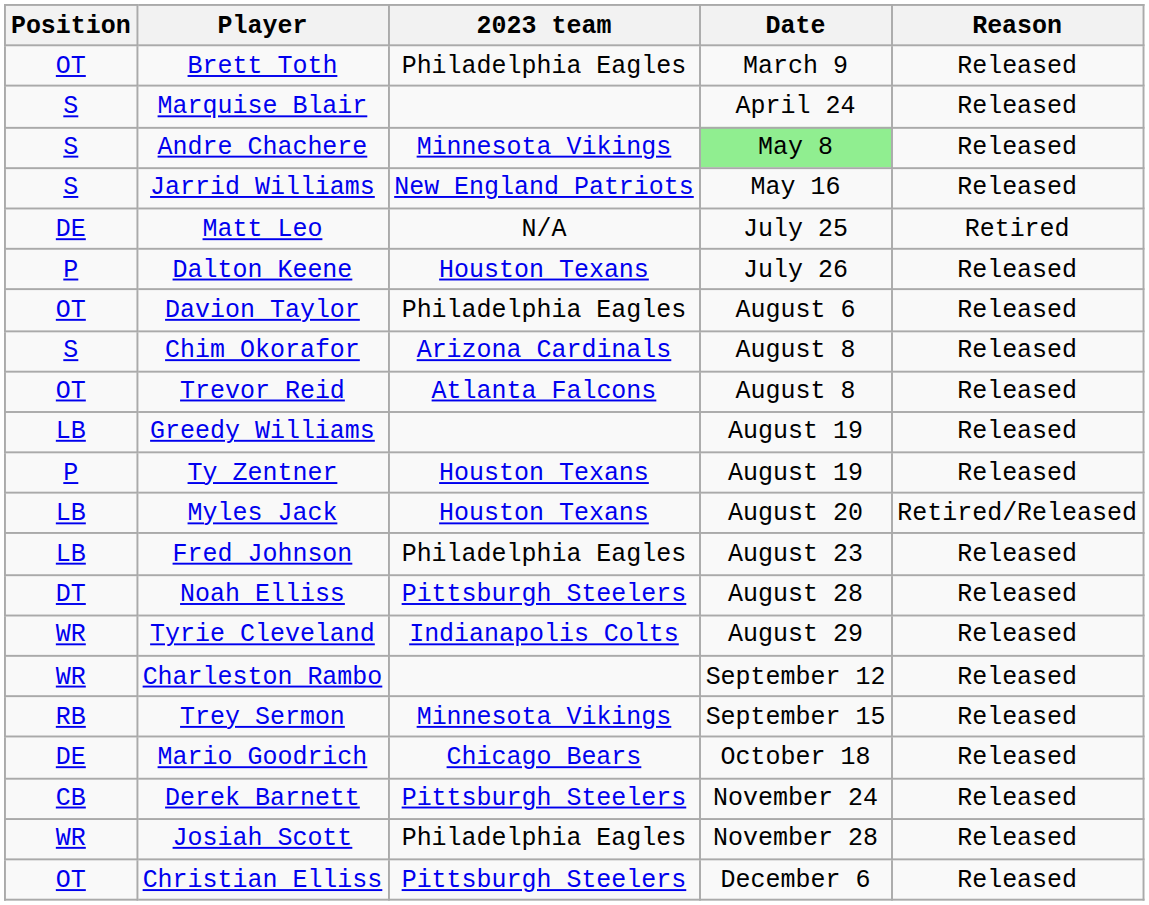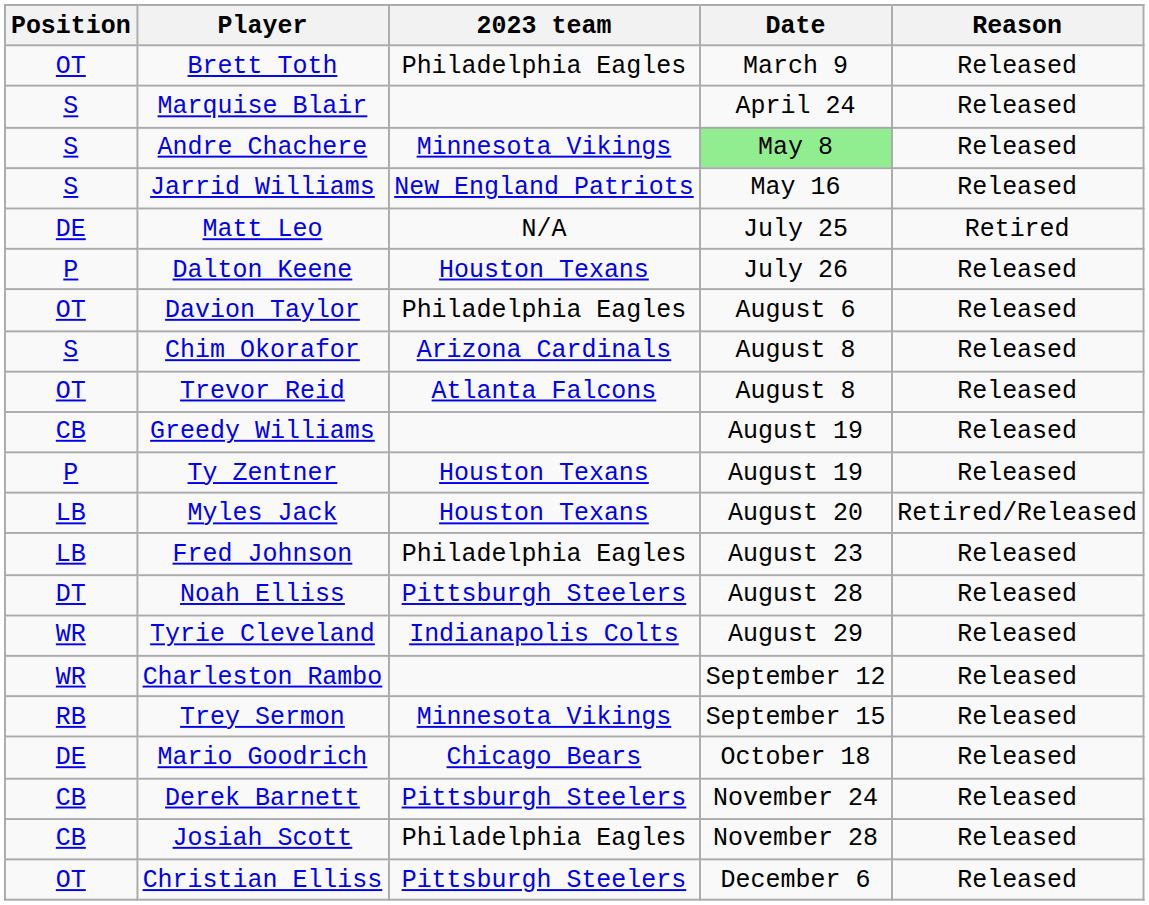 <table class="wikitable" style="text-align:center">
 <tr>
 <th>Position</th>
 <th>Player</th>
 <th>2023 team</th>
 <th>Date</th>
 <th>Reason</th>
 </tr>
 <tr>
 <td><a href='#'>OT</a></td>
 <td><a href='#'>Brett Toth</a></td>
 <td>Philadelphia Eagles</td>
 <td>March 9</td>
 <td>Released</td>
 </tr>
 <tr>
 <td><a href='#'>S</a></td>
 <td><a href='#'>Marquise Blair</a></td>
 <td></td>
 <td>April 24</td>
 <td>Released</td>
 </tr>
 <tr>
 <td><a href='#'>S</a></td>
 <td><a href='#'>Andre Chachere</a></td>
 <td><a href='#'>Minnesota Vikings</a></td>
 <td style="background: lightgreen;">May 8</td>
 <td>Released</td>
 </tr>
 <tr>
 <td><a href='#'>S</a></td>
 <td><a href='#'>Jarrid Williams</a></td>
 <td><a href='#'>New England Patriots</a></td>
 <td>May 16</td>
 <td>Released</td>
 </tr>
 <tr>
 <td><a href='#'>DE</a></td>
 <td><a href='#'>Matt Leo</a></td>
 <td>N/A</td>
 <td>July 25</td>
 <td>Retired</td>
 </tr>
 <tr>
 <td><a href='#'>P</a></td>
 <td><a href='#'>Dalton Keene</a></td>
 <td><a href='#'>Houston Texans</a></td>
 <td>July 26</td>
 <td>Released</td>
 </tr>
 <tr>
 <td><a href='#'>OT</a></td>
 <td><a href='#'>Davion Taylor</a></td>
 <td>Philadelphia Eagles</td>
 <td>August 6</td>
 <td>Released</td>
 </tr>
 <tr>
 <td><a href='#'>S</a></td>
 <td><a href='#'>Chim Okorafor</a></td>
 <td><a href='#'>Arizona Cardinals</a></td>
 <td>August 8</td>
 <td>Released</td>
 </tr>
 <tr>
 <td><a href='#'>OT</a></td>
 <td><a href='#'>Trevor Reid</a></td>
 <td><a href='#'>Atlanta Falcons</a></td>
 <td>August 8</td>
 <td>Released</td>
 </tr>
 <tr>
-<td><a href='#'>LB</a></td>
+<td><a href='#'>CB</a></td>
 <td><a href='#'>Greedy Williams</a></td>
 <td></td>
 <td>August 19</td>
 <td>Released</td>
 </tr>
 <tr>
 <td><a href='#'>P</a></td>
 <td><a href='#'>Ty Zentner</a></td>
 <td><a href='#'>Houston Texans</a></td>
 <td>August 19</td>
 <td>Released</td>
 </tr>
 <tr>
 <td><a href='#'>LB</a></td>
 <td><a href='#'>Myles Jack</a></td>
 <td><a href='#'>Houston Texans</a></td>
 <td>August 20</td>
 <td>Retired/Released</td>
 </tr>
 <tr>
 <td><a href='#'>LB</a></td>
 <td><a href='#'>Fred Johnson</a></td>
 <td>Philadelphia Eagles</td>
 <td>August 23</td>
 <td>Released</td>
 </tr>
 <tr>
 <td><a href='#'>DT</a></td>
 <td><a href='#'>Noah Elliss</a></td>
 <td><a href='#'>Pittsburgh Steelers</a></td>
 <td>August 28</td>
 <td>Released</td>
 </tr>
 <tr>
 <td><a href='#'>WR</a></td>
 <td><a href='#'>Tyrie Cleveland</a></td>
 <td><a href='#'>Indianapolis Colts</a></td>
 <td>August 29</td>
 <td>Released</td>
 </tr>
 <tr>
 <td><a href='#'>WR</a></td>
 <td><a href='#'>Charleston Rambo</a></td>
 <td></td>
 <td>September 12</td>
 <td>Released</td>
 </tr>
 <tr>
 <td><a href='#'>RB</a></td>
 <td><a href='#'>Trey Sermon</a></td>
 <td><a href='#'>Minnesota Vikings</a></td>
 <td>September 15</td>
 <td>Released</td>
 </tr>
 <tr>
 <td><a href='#'>DE</a></td>
 <td><a href='#'>Mario Goodrich</a></td>
 <td><a href='#'>Chicago Bears</a></td>
 <td>October 18</td>
 <td>Released</td>
 </tr>
 <tr>
 <td><a href='#'>CB</a></td>
 <td><a href='#'>Derek Barnett</a></td>
 <td><a href='#'>Pittsburgh Steelers</a></td>
 <td>November 24</td>
 <td>Released</td>
 </tr>
 <tr>
-<td><a href='#'>WR</a></td>
+<td><a href='#'>CB</a></td>
 <td><a href='#'>Josiah Scott</a></td>
 <td>Philadelphia Eagles</td>
 <td>November 28</td>
 <td>Released</td>
 </tr>
 <tr>
 <td><a href='#'>OT</a></td>
 <td><a href='#'>Christian Elliss</a></td>
 <td><a href='#'>Pittsburgh Steelers</a></td>
 <td>December 6</td>
 <td>Released</td>
 </tr>
 </table>
